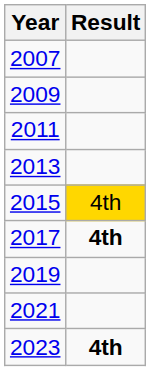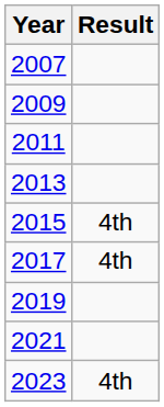 <table class="wikitable" style="text-align:center">
 <tr>
 <th>Year</th>
 <th>Result</th>
 </tr>
 <tr>
 <td><a href='#'>2007</a></td>
 <td></td>
 </tr>
 <tr>
 <td><a href='#'>2009</a></td>
 <td></td>
 </tr>
 <tr>
 <td><a href='#'>2011</a></td>
 <td></td>
 </tr>
 <tr>
 <td><a href='#'>2013</a></td>
 <td></td>
 </tr>
 <tr>
 <td><a href='#'>2015</a></td>
-<td style="background: gold;">4th</td>
+<td>4th</td>
 </tr>
 <tr>
 <td><a href='#'>2017</a></td>
-<td><strong>4th</strong></td>
+<td>4th</td>
 </tr>
 <tr>
 <td><a href='#'>2019</a></td>
 <td></td>
 </tr>
 <tr>
 <td><a href='#'>2021</a></td>
 <td></td>
 </tr>
 <tr>
 <td><a href='#'>2023</a></td>
-<td><strong>4th</strong></td>
+<td>4th</td>
 </tr>
 </table>
